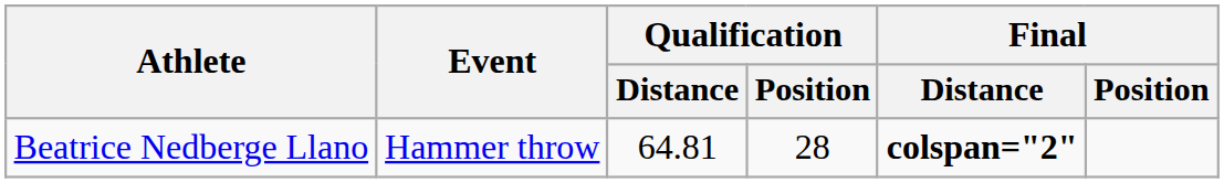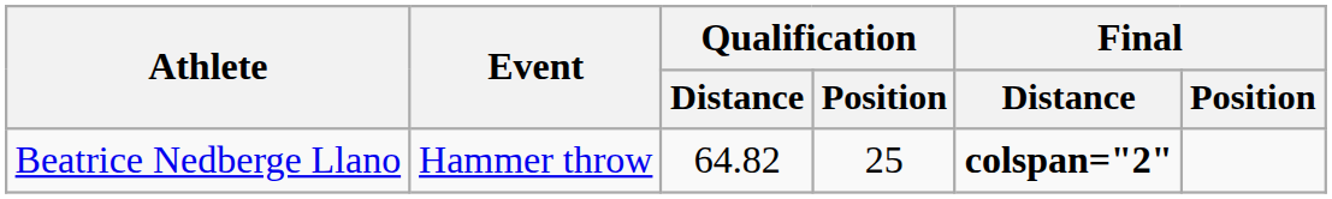 <table class="wikitable" style="font-size:90%">
 <tr>
 <th rowspan="2">Athlete</th>
 <th rowspan="2">Event</th>
 <th colspan="2">Qualification</th>
 <th colspan="2">Final</th>
 </tr>
 <tr style="font-size:95%">
 <th>Distance</th>
 <th>Position</th>
 <th>Distance</th>
 <th>Position</th>
 </tr>
 <tr align="center">
 <td align="left"><a href='#'>Beatrice Nedberge Llano</a></td>
 <td align="left"><a href='#'>Hammer throw</a></td>
-<td>64.81</td>
-<td>28</td>
+<td>64.82</td>
+<td>25</td>
 <td><strong>colspan="2" </strong></td>
 </tr>
 </table>
